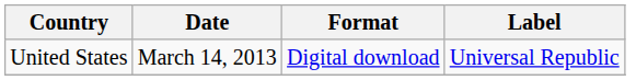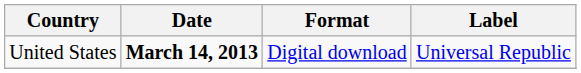 <table class="wikitable">
 <tr>
 <th>Country</th>
 <th>Date</th>
 <th>Format</th>
 <th>Label</th>
 </tr>
 <tr>
 <td>United States</td>
-<td>March 14, 2013</td>
+<td><strong>March 14, 2013</strong></td>
 <td><a href='#'>Digital download</a></td>
 <td><a href='#'>Universal Republic</a></td>
 </tr>
 <tr>
 </tr>
 </table>
